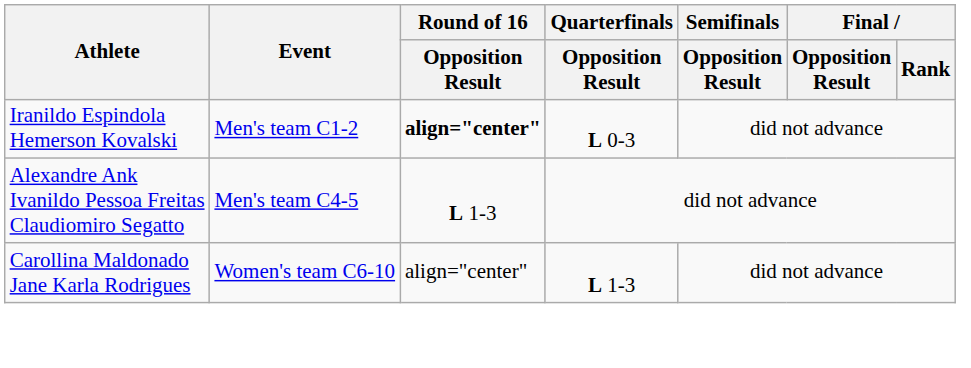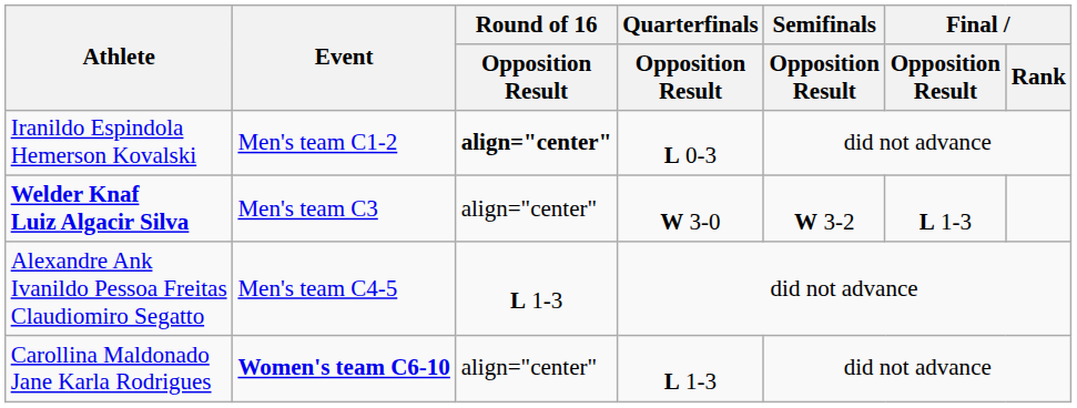 <table class=wikitable style="font-size:90%">
 <tr>
 <th rowspan="2">Athlete</th>
 <th rowspan="2">Event</th>
 <th>Round of 16</th>
 <th>Quarterfinals</th>
 <th>Semifinals</th>
 <th colspan="2">Final / </th>
 </tr>
 <tr>
 <th>Opposition<br>Result</th>
 <th>Opposition<br>Result</th>
 <th>Opposition<br>Result</th>
 <th>Opposition<br>Result</th>
 <th>Rank</th>
 </tr>
 <tr>
 <td><a href='#'>Iranildo Espindola</a><br> <a href='#'>Hemerson Kovalski</a></td>
 <td><a href='#'>Men's team C1-2</a></td>
 <td><strong>align="center" </strong></td>
 <td align="center"><br><strong>L</strong> 0-3</td>
 <td align="center" colspan="3">did not advance</td>
 </tr>
 <tr>
+<td><strong><a href='#'>Welder Knaf</a></strong><br> <strong><a href='#'>Luiz Algacir Silva</a></strong></td>
+<td><a href='#'>Men's team C3</a></td>
+<td>align="center" </td>
+<td align="center"><br><strong>W</strong> 3-0</td>
+<td align="center"><br><strong>W</strong> 3-2</td>
+<td align="center"><br><strong>L</strong> 1-3</td>
+<td align="center"></td>
+</tr>
+<tr>
 <td><a href='#'>Alexandre Ank</a><br> <a href='#'>Ivanildo Pessoa Freitas</a><br> <a href='#'>Claudiomiro Segatto</a></td>
 <td><a href='#'>Men's team C4-5</a></td>
 <td align="center"><br><strong>L</strong> 1-3</td>
 <td align="center" colspan="4">did not advance</td>
 </tr>
 <tr>
 <td><a href='#'>Carollina Maldonado</a><br> <a href='#'>Jane Karla Rodrigues</a></td>
-<td><a href='#'>Women's team C6-10</a></td>
+<td><strong><a href='#'>Women's team C6-10</a></strong></td>
 <td>align="center" </td>
 <td align="center"><br><strong>L</strong> 1-3</td>
 <td align="center" colspan="3">did not advance</td>
 </tr>
 </table>
